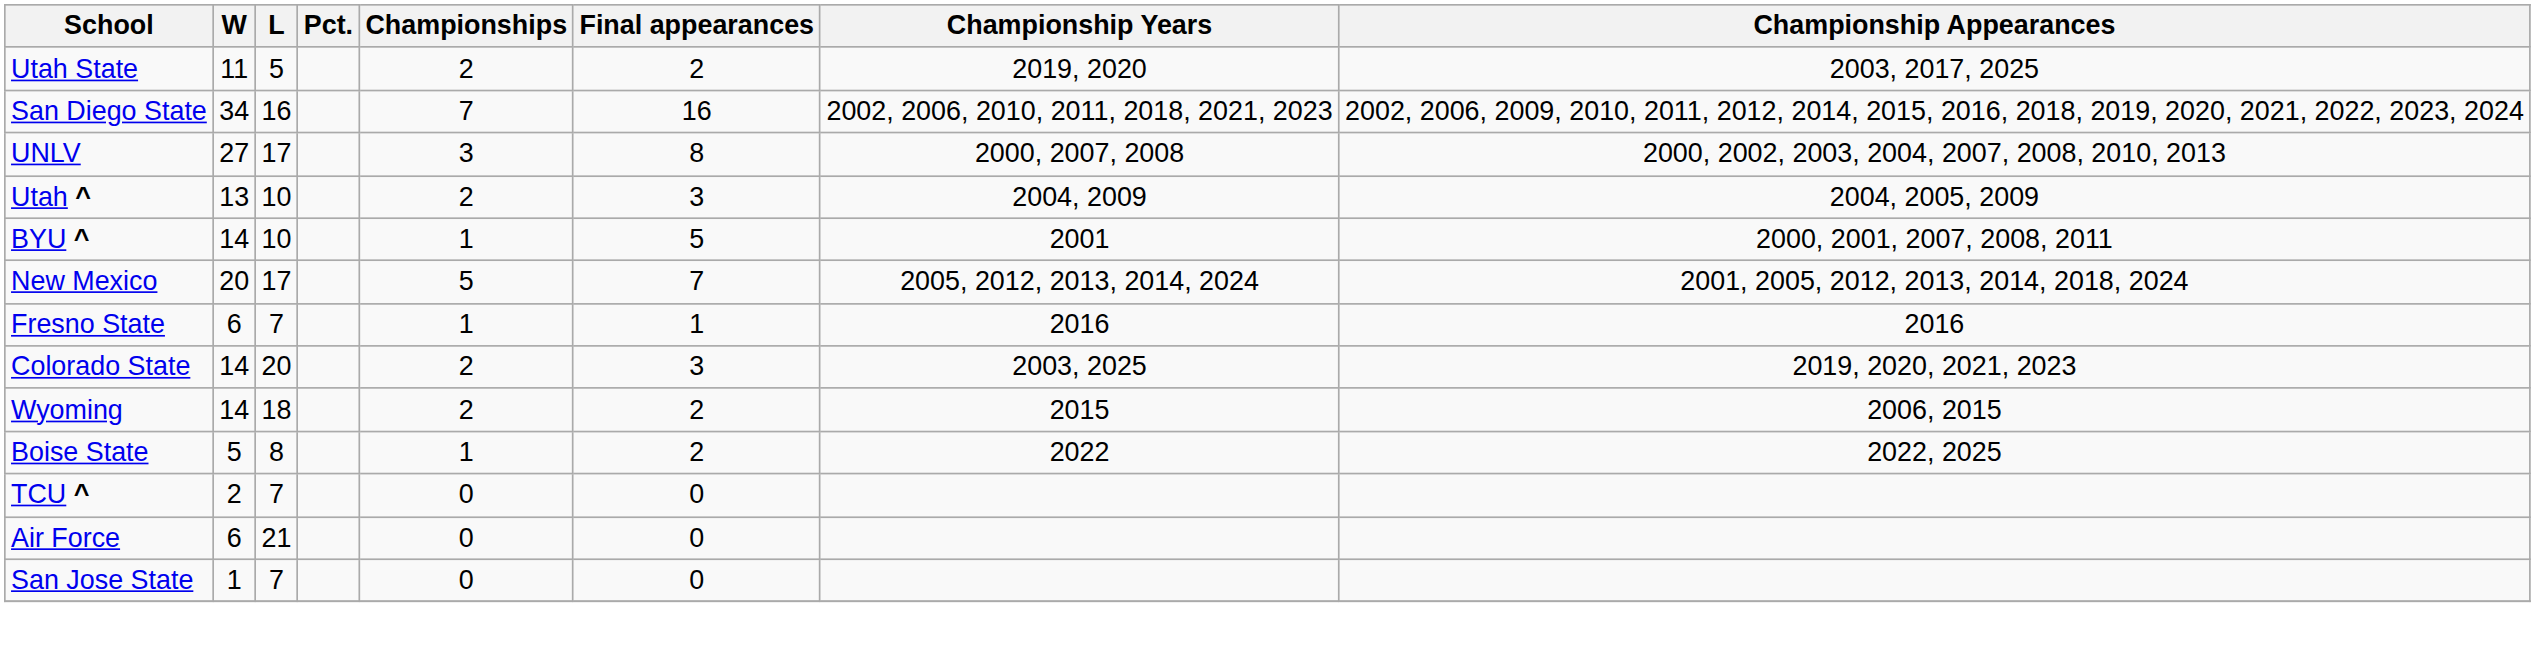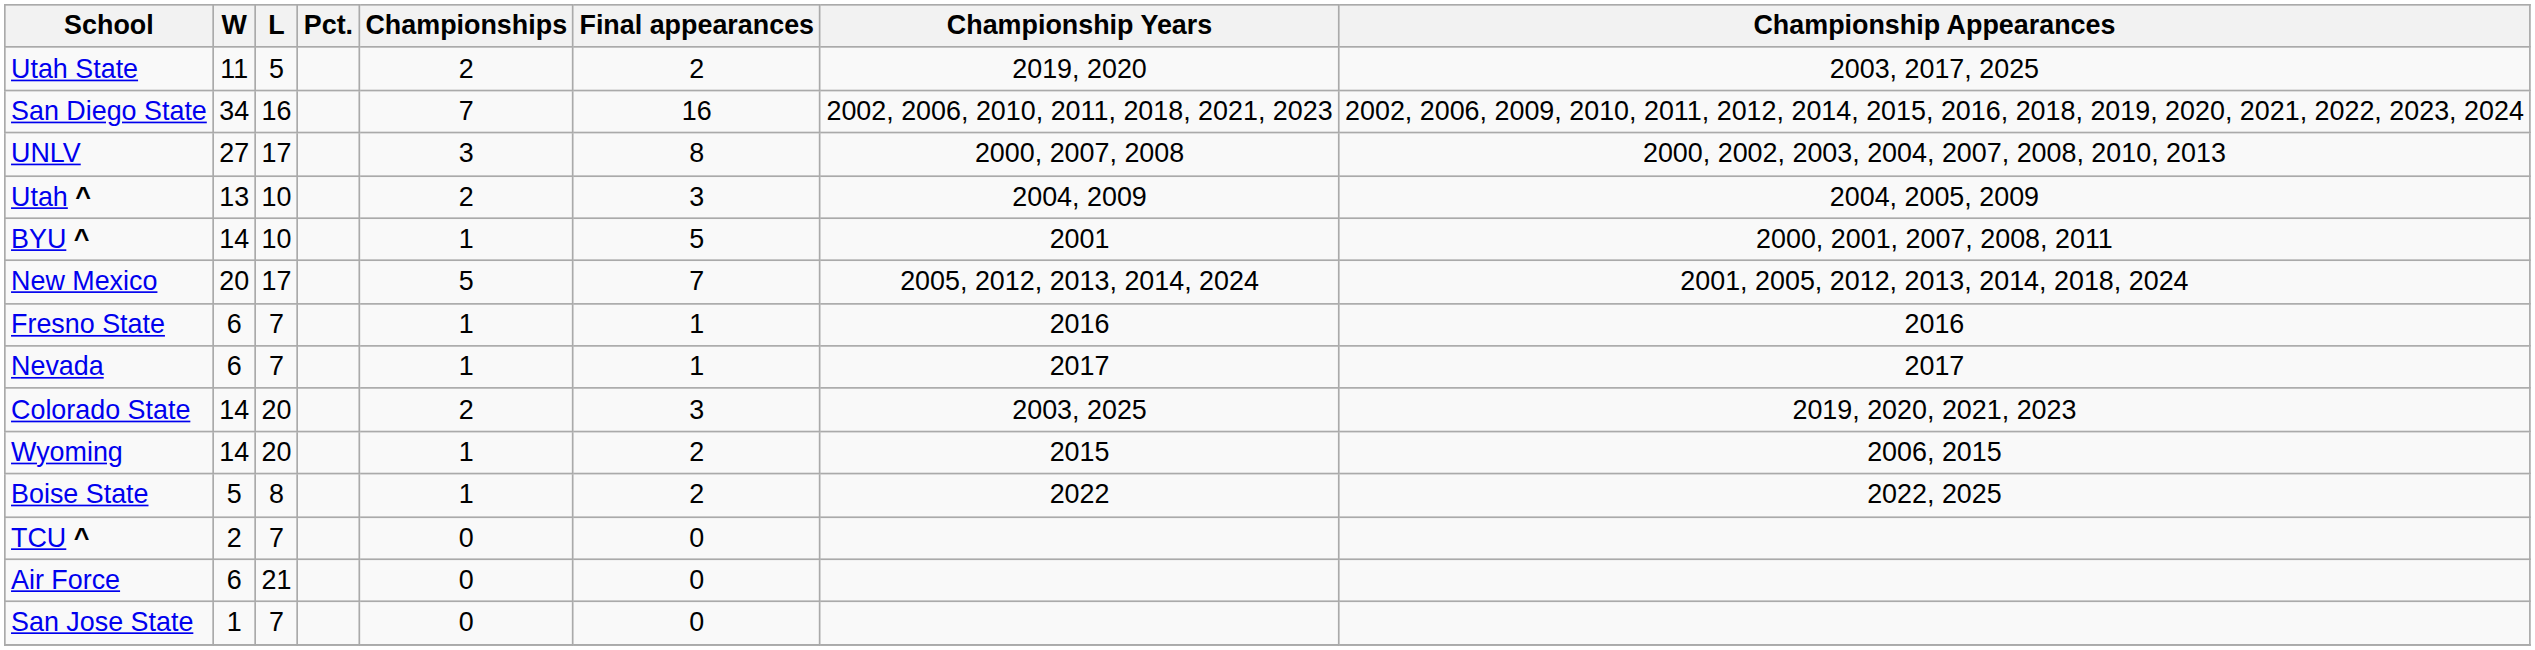 <table class="wikitable sortable" style="text-align:center">
 <tr>
 <th width=px>School</th>
 <th width=px>W</th>
 <th width=px>L</th>
 <th width=px>Pct.</th>
 <th width=px>Championships</th>
 <th width=px>Final appearances</th>
 <th width=px>Championship Years</th>
 <th width=px>Championship Appearances</th>
 </tr>
 <tr>
 <td align=left><a href='#'>Utah State</a></td>
 <td>11</td>
 <td>5</td>
 <td></td>
 <td>2</td>
 <td>2</td>
 <td>2019, 2020</td>
 <td>2003, 2017, 2025</td>
 </tr>
 <tr>
 <td align=left><a href='#'>San Diego State</a></td>
 <td>34</td>
 <td>16</td>
 <td></td>
 <td>7</td>
 <td>16</td>
 <td>2002, 2006, 2010, 2011, 2018, 2021, 2023</td>
 <td>2002, 2006, 2009, 2010, 2011, 2012, 2014, 2015, 2016, 2018, 2019, 2020, 2021, 2022, 2023, 2024</td>
 </tr>
 <tr>
 <td align=left><a href='#'>UNLV</a></td>
 <td>27</td>
 <td>17</td>
 <td></td>
 <td>3</td>
 <td>8</td>
 <td>2000, 2007, 2008</td>
 <td>2000, 2002, 2003, 2004, 2007, 2008, 2010, 2013</td>
 </tr>
 <tr>
 <td align=left><a href='#'>Utah</a> <strong>^</strong></td>
 <td>13</td>
 <td>10</td>
 <td></td>
 <td>2</td>
 <td>3</td>
 <td>2004, 2009</td>
 <td>2004, 2005, 2009</td>
 </tr>
 <tr>
 <td align=left><a href='#'>BYU</a> <strong>^</strong></td>
 <td>14</td>
 <td>10</td>
 <td></td>
 <td>1</td>
 <td>5</td>
 <td>2001</td>
 <td>2000, 2001, 2007, 2008, 2011</td>
 </tr>
 <tr>
 <td align=left><a href='#'>New Mexico</a></td>
 <td>20</td>
 <td>17</td>
 <td></td>
 <td>5</td>
 <td>7</td>
 <td>2005, 2012, 2013, 2014, 2024</td>
 <td>2001, 2005, 2012, 2013, 2014, 2018, 2024</td>
 </tr>
 <tr>
 <td align=left><a href='#'>Fresno State</a></td>
 <td>6</td>
 <td>7</td>
 <td></td>
 <td>1</td>
 <td>1</td>
 <td>2016</td>
 <td>2016</td>
 </tr>
 <tr>
+<td align=left><a href='#'>Nevada</a></td>
+<td>6</td>
+<td>7</td>
+<td></td>
+<td>1</td>
+<td>1</td>
+<td>2017</td>
+<td>2017</td>
+</tr>
+<tr>
 <td align=left><a href='#'>Colorado State</a></td>
 <td>14</td>
 <td>20</td>
 <td></td>
 <td>2</td>
 <td>3</td>
 <td>2003, 2025</td>
 <td>2019, 2020, 2021, 2023</td>
 </tr>
 <tr>
 <td align=left><a href='#'>Wyoming</a></td>
 <td>14</td>
-<td>18</td>
+<td>20</td>
 <td></td>
-<td>2</td>
+<td>1</td>
 <td>2</td>
 <td>2015</td>
 <td>2006, 2015</td>
 </tr>
 <tr>
 <td align=left><a href='#'>Boise State</a></td>
 <td>5</td>
 <td>8</td>
 <td></td>
 <td>1</td>
 <td>2</td>
 <td>2022</td>
 <td>2022, 2025</td>
 </tr>
 <tr>
 <td align=left><a href='#'>TCU</a> <strong>^</strong></td>
 <td>2</td>
 <td>7</td>
 <td></td>
 <td>0</td>
 <td>0</td>
 <td></td>
 <td></td>
 </tr>
 <tr>
 <td align=left><a href='#'>Air Force</a></td>
 <td>6</td>
 <td>21</td>
 <td></td>
 <td>0</td>
 <td>0</td>
 <td></td>
 <td></td>
 </tr>
 <tr>
 <td align=left><a href='#'>San Jose State</a></td>
 <td>1</td>
 <td>7</td>
 <td></td>
 <td>0</td>
 <td>0</td>
 <td></td>
 <td></td>
 </tr>
 <tr>
 </tr>
 </table>
